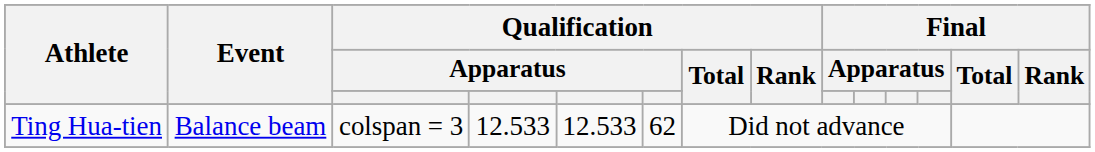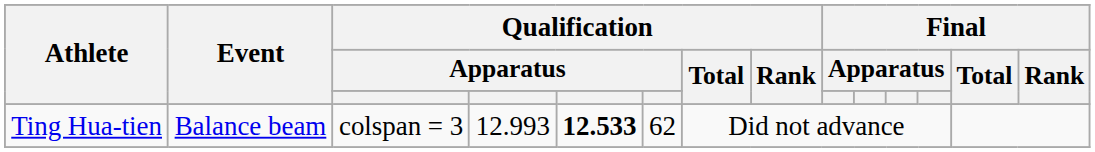 <table class="wikitable" style="font-size:90%">
 <tr>
 <th rowspan = 3>Athlete</th>
 <th rowspan = 3>Event</th>
 <th colspan = 6>Qualification</th>
 <th colspan = 6>Final</th>
 </tr>
 <tr style = "font-size:95%">
 <th colspan = 4>Apparatus</th>
 <th rowspan = 2>Total</th>
 <th rowspan= 2>Rank</th>
 <th colspan = 4>Apparatus</th>
 <th rowspan = 2>Total</th>
 <th rowspan = 2>Rank</th>
 </tr>
 <tr style="font-size:95%">
 <th></th>
 <th></th>
 <th></th>
 <th></th>
 <th></th>
 <th></th>
 <th></th>
 <th></th>
 </tr>
 <tr align = center>
 <td align = left><a href='#'>Ting Hua-tien</a></td>
 <td align = left><a href='#'>Balance beam</a></td>
 <td>colspan = 3 </td>
-<td>12.533</td>
-<td>12.533</td>
+<td>12.993</td>
+<td><strong>12.533</strong></td>
 <td>62</td>
 <td colspan = "6">Did not advance</td>
 </tr>
 </table>
